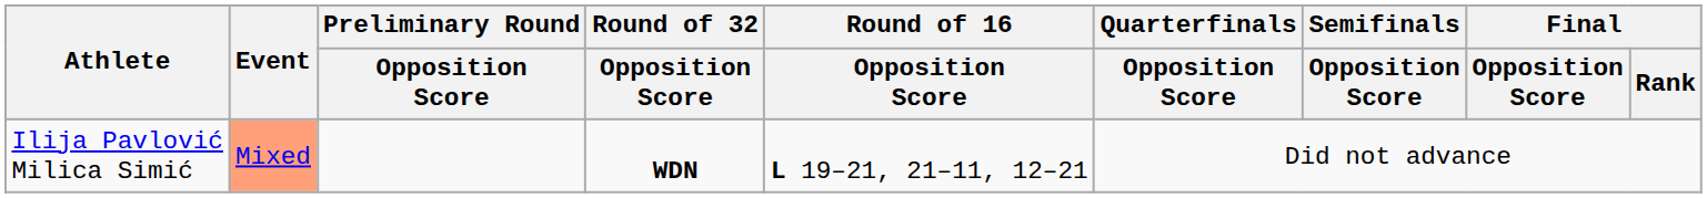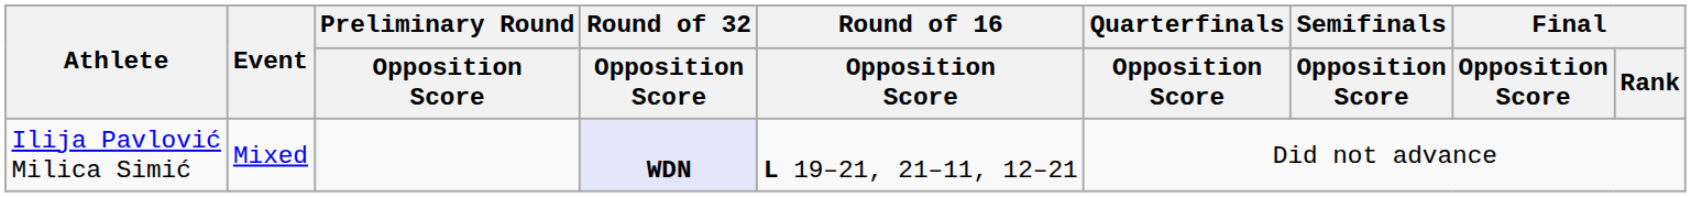 <table class="wikitable" border="1" style="font-size:90%">
 <tr>
 <th rowspan=2>Athlete</th>
 <th rowspan=2>Event</th>
 <th>Preliminary Round</th>
 <th>Round of 32</th>
 <th>Round of 16</th>
 <th>Quarterfinals</th>
 <th>Semifinals</th>
 <th colspan=2>Final</th>
 </tr>
 <tr>
 <th>Opposition<br>Score</th>
 <th>Opposition<br>Score</th>
 <th>Opposition<br>Score</th>
 <th>Opposition<br>Score</th>
 <th>Opposition<br>Score</th>
 <th>Opposition<br>Score</th>
 <th>Rank</th>
 </tr>
 <tr>
 <td><a href='#'>Ilija Pavlović</a> <br> Milica Simić</td>
-<td style="background: lightsalmon;"><a href='#'>Mixed</a></td>
+<td><a href='#'>Mixed</a></td>
 <td></td>
-<td align=center><br><strong>WDN</strong></td>
+<td align=center style="background: lavender;"><br><strong>WDN</strong></td>
 <td align=center><br><strong>L</strong> 19–21, 21–11, 12–21</td>
 <td align=center colspan=4>Did not advance</td>
 </tr>
 </table>
